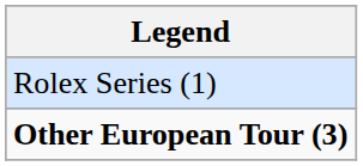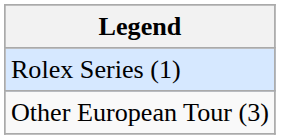 <table class="wikitable" style="font-size:95%;">
 <tr>
 <th>Legend</th>
 </tr>
 <tr style="background:#D6E8FF;">
 <td>Rolex Series (1)</td>
 </tr>
 <tr>
-<td><strong>Other European Tour (3)</strong></td>
+<td>Other European Tour (3)</td>
 </tr>
 </table>
